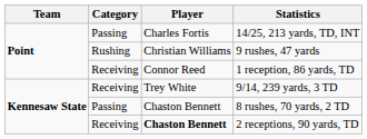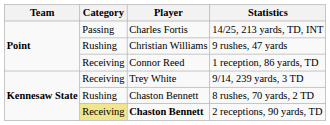 <table class="wikitable" style="float: left;">
 <tr>
 <th>Team</th>
 <th>Category</th>
 <th>Player</th>
 <th>Statistics</th>
 </tr>
 <tr>
 <td rowspan=3><strong>Point</strong></td>
 <td>Passing</td>
 <td>Charles Fortis</td>
 <td>14/25, 213 yards, TD, INT</td>
 </tr>
 <tr>
 <td>Rushing</td>
 <td>Christian Williams</td>
 <td>9 rushes, 47 yards</td>
 </tr>
 <tr>
 <td>Receiving</td>
 <td>Connor Reed</td>
 <td>1 reception, 86 yards, TD</td>
 </tr>
 <tr>
 <td rowspan=3><strong>Kennesaw State</strong></td>
 <td>Receiving</td>
 <td>Trey White</td>
 <td>9/14, 239 yards, 3 TD</td>
 </tr>
 <tr>
-<td>Passing</td>
+<td>Rushing</td>
 <td>Chaston Bennett</td>
 <td>8 rushes, 70 yards, 2 TD</td>
 </tr>
 <tr>
-<td>Receiving</td>
+<td style="background: khaki;">Receiving</td>
 <td><strong>Chaston Bennett</strong></td>
 <td>2 receptions, 90 yards, TD</td>
 </tr>
 </table>
